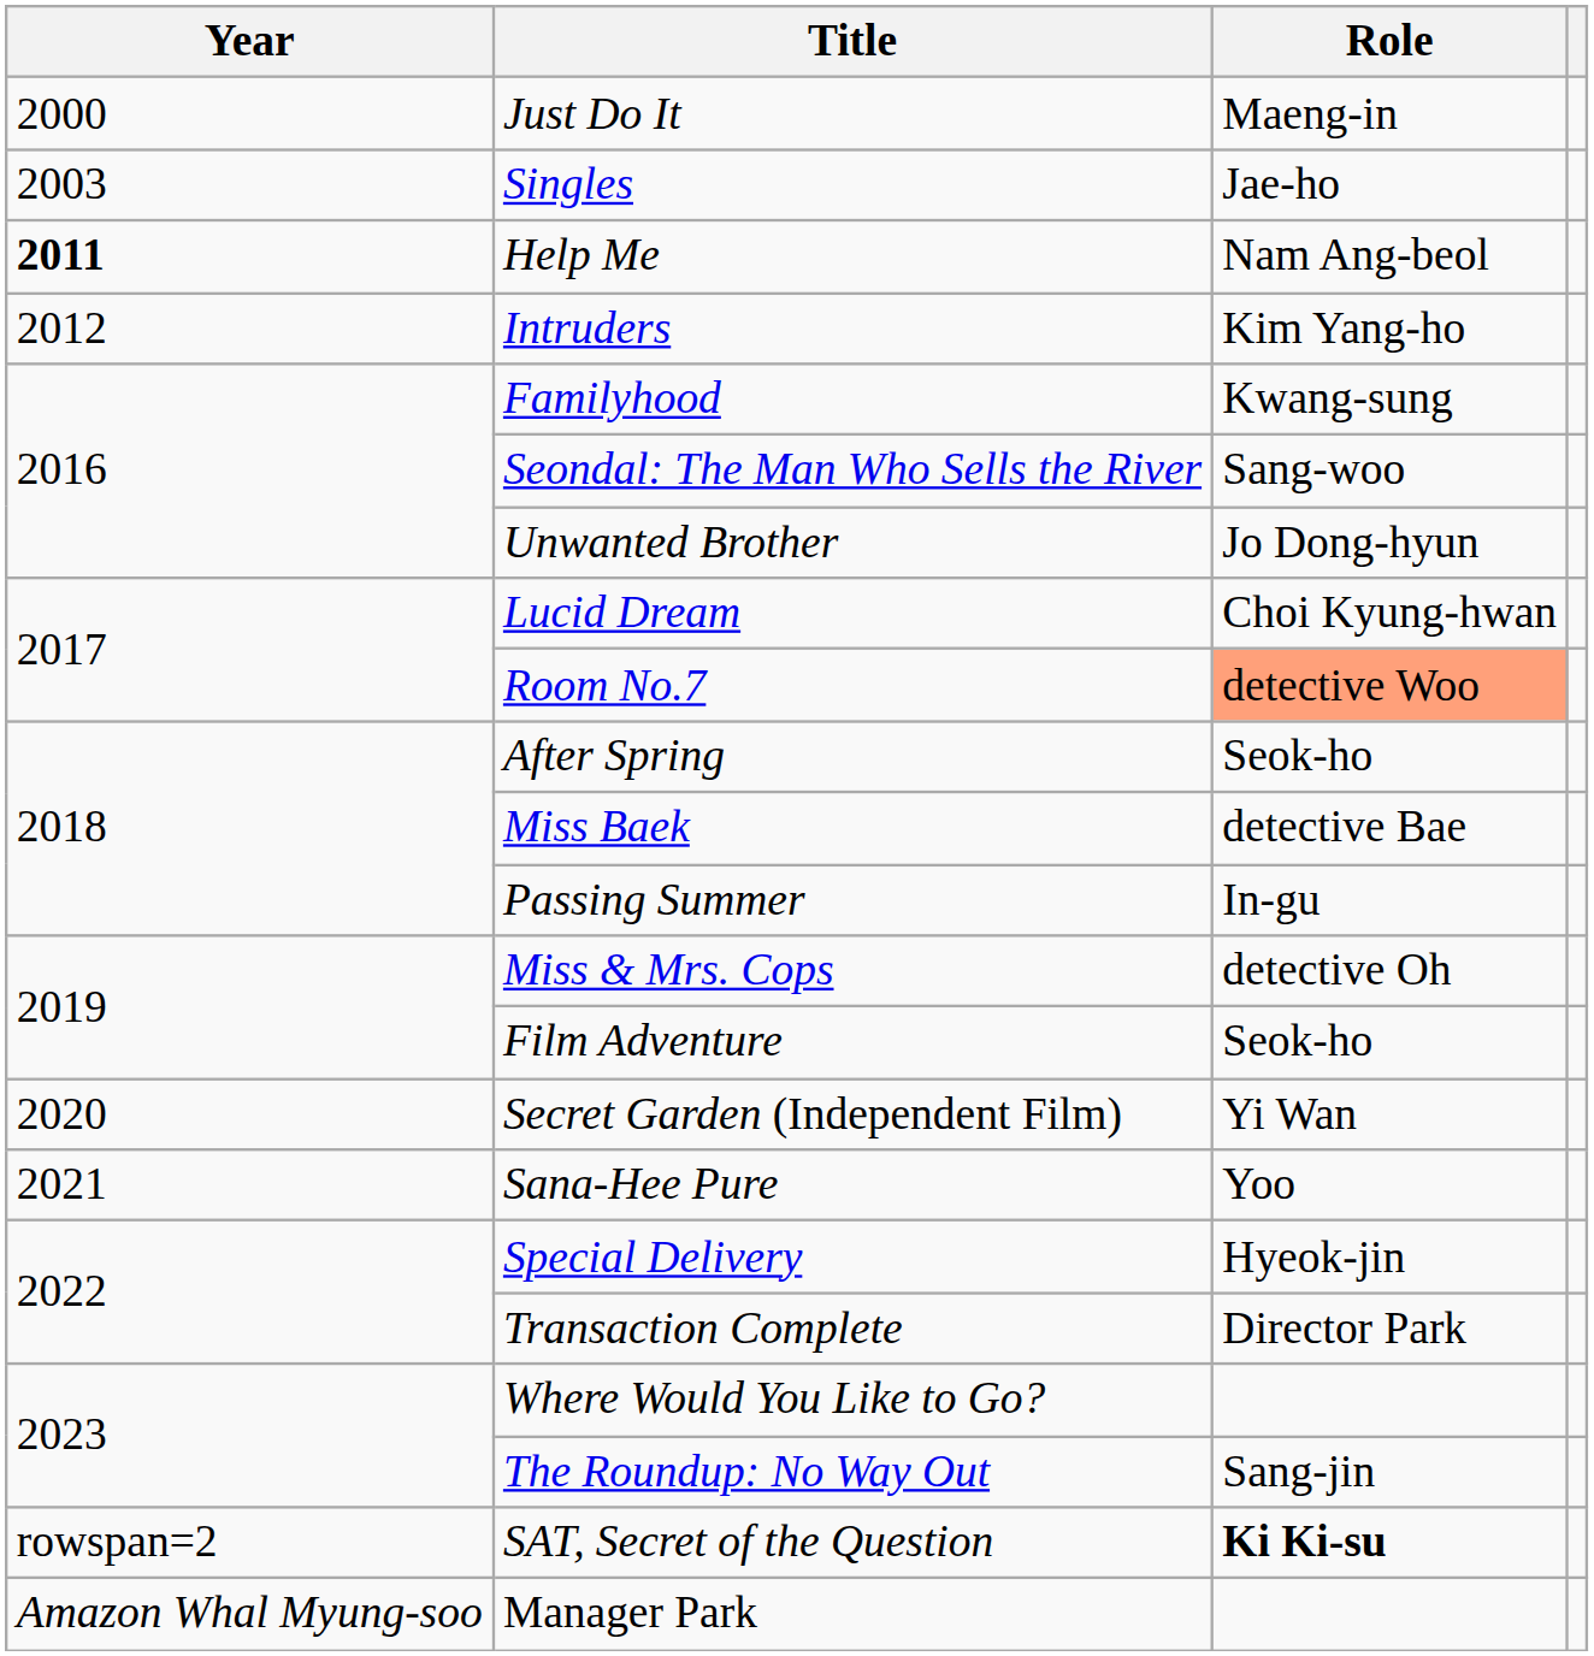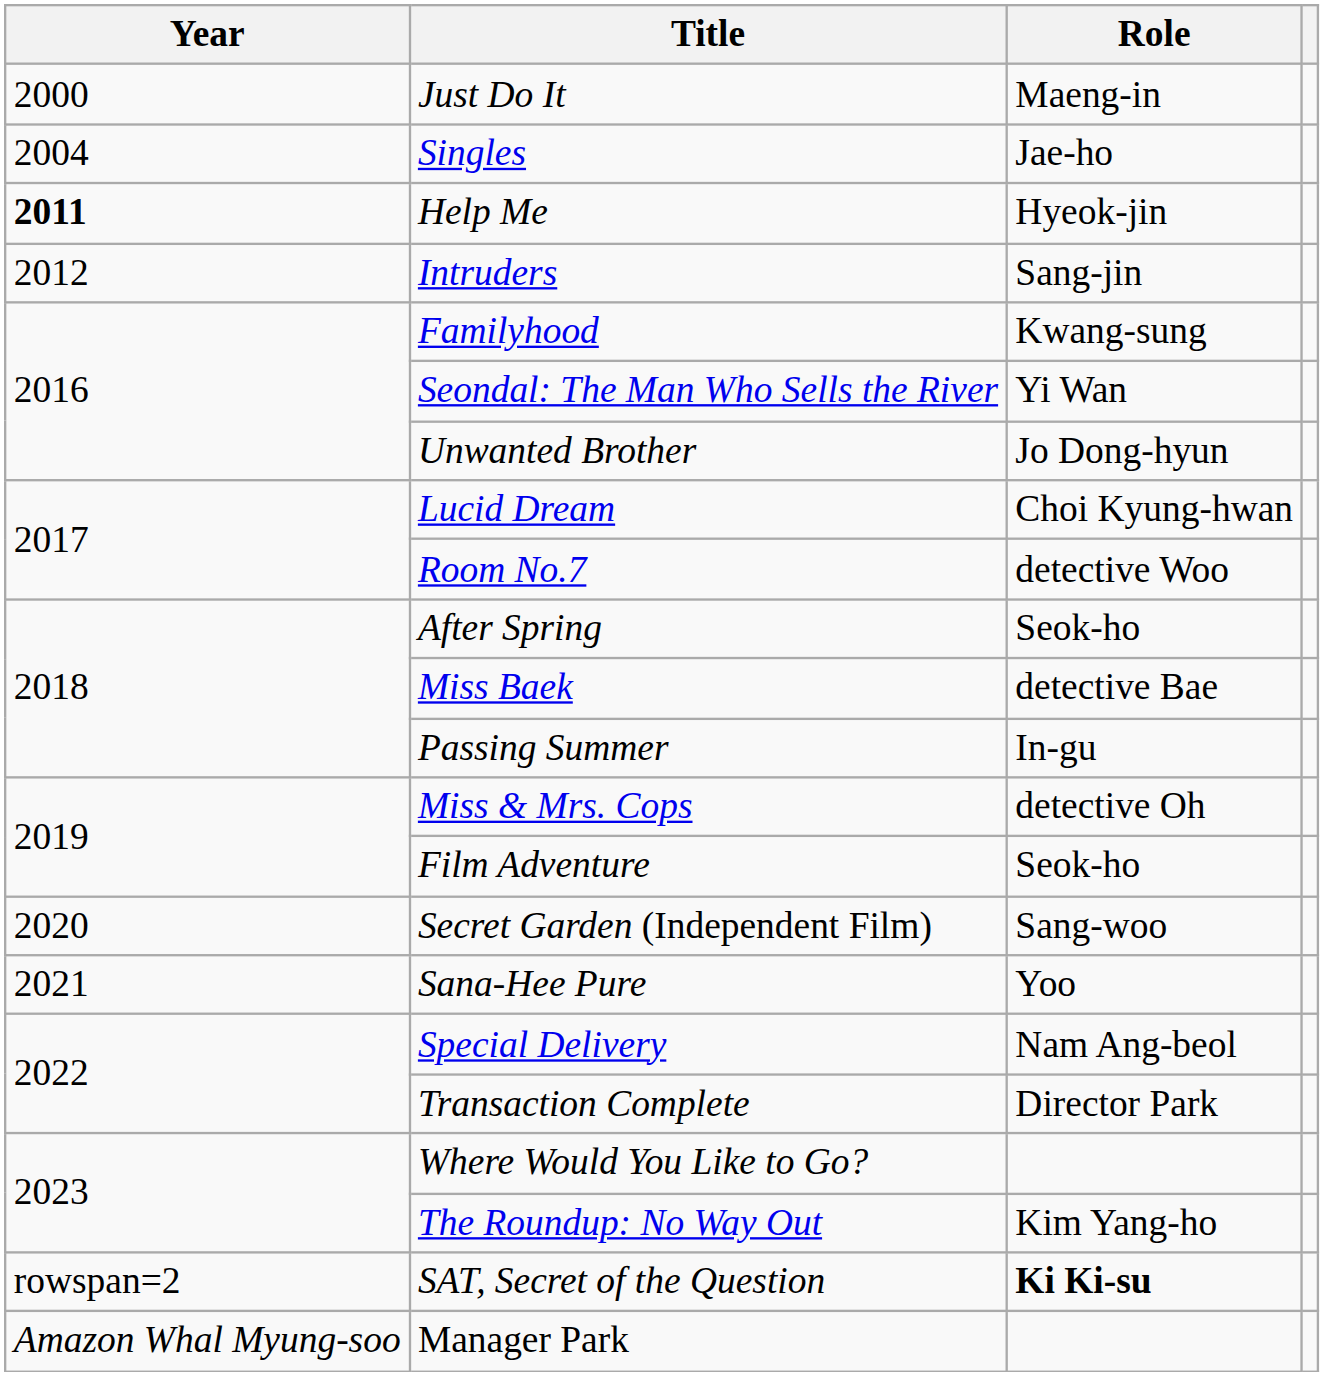 <table class="wikitable">
 <tr>
 <th>Year</th>
 <th>Title</th>
 <th>Role</th>
 <th class="unsortable"></th>
 </tr>
 <tr>
 <td>2000</td>
 <td><em>Just Do It</em></td>
 <td>Maeng-in</td>
 <td></td>
 </tr>
 <tr>
-<td>2003</td>
+<td>2004</td>
 <td><em><a href='#'>Singles</a></em></td>
 <td>Jae-ho</td>
 <td></td>
 </tr>
 <tr>
 <td><strong>2011</strong></td>
 <td><em>Help Me</em></td>
-<td>Nam Ang-beol</td>
+<td>Hyeok-jin</td>
 <td></td>
 </tr>
 <tr>
 <td>2012</td>
 <td><em><a href='#'>Intruders</a></em></td>
-<td>Kim Yang-ho</td>
+<td>Sang-jin</td>
 <td></td>
 </tr>
 <tr>
 <td rowspan=3>2016</td>
 <td><em><a href='#'>Familyhood</a></em></td>
 <td>Kwang-sung</td>
 <td></td>
 </tr>
 <tr>
 <td><em><a href='#'>Seondal: The Man Who Sells the River</a></em></td>
-<td>Sang-woo</td>
+<td>Yi Wan</td>
 <td></td>
 </tr>
 <tr>
 <td><em>Unwanted Brother</em></td>
 <td>Jo Dong-hyun</td>
 <td></td>
 </tr>
 <tr>
 <td rowspan=2>2017</td>
 <td><em><a href='#'>Lucid Dream</a></em></td>
 <td>Choi Kyung-hwan</td>
 <td></td>
 </tr>
 <tr>
 <td><em><a href='#'>Room No.7</a></em></td>
-<td style="background: lightsalmon;">detective Woo</td>
+<td>detective Woo</td>
 <td></td>
 </tr>
 <tr>
 <td rowspan=3>2018</td>
 <td><em>After Spring</em></td>
 <td>Seok-ho</td>
 <td></td>
 </tr>
 <tr>
 <td><em><a href='#'>Miss Baek</a></em></td>
 <td>detective Bae</td>
 <td></td>
 </tr>
 <tr>
 <td><em>Passing Summer</em></td>
 <td>In-gu</td>
 <td></td>
 </tr>
 <tr>
 <td rowspan=2>2019</td>
 <td><em><a href='#'>Miss & Mrs. Cops</a></em></td>
 <td>detective Oh</td>
 <td></td>
 </tr>
 <tr>
 <td><em>Film Adventure</em></td>
 <td>Seok-ho</td>
 <td></td>
 </tr>
 <tr>
 <td>2020</td>
 <td><em>Secret Garden</em> (Independent Film)</td>
-<td>Yi Wan</td>
+<td>Sang-woo</td>
 <td></td>
 </tr>
 <tr>
 <td>2021</td>
 <td><em>Sana-Hee Pure</em></td>
 <td>Yoo</td>
 <td></td>
 </tr>
 <tr>
 <td rowspan=2>2022</td>
 <td><em><a href='#'>Special Delivery</a></em></td>
-<td>Hyeok-jin</td>
+<td>Nam Ang-beol</td>
 <td></td>
 </tr>
 <tr>
 <td><em>Transaction Complete</em></td>
 <td>Director Park</td>
 <td></td>
 </tr>
 <tr>
 <td rowspan="2">2023</td>
 <td><em>Where Would You Like to Go?</em></td>
 <td></td>
 <td></td>
 </tr>
 <tr>
 <td><em><a href='#'>The Roundup: No Way Out</a></em></td>
-<td>Sang-jin</td>
+<td>Kim Yang-ho</td>
 <td></td>
 </tr>
 <tr>
 <td>rowspan=2 </td>
 <td><em>SAT, Secret of the Question</em></td>
 <td><strong>Ki Ki-su</strong></td>
 <td></td>
 </tr>
 <tr>
 <td><em>Amazon Whal Myung-soo</em></td>
 <td>Manager Park</td>
 <td></td>
 </tr>
 </table>
